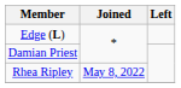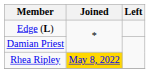 <table class="wikitable sortable" style="text-align:center;">
 <tr>
 <th>Member</th>
 <th>Joined</th>
 <th>Left</th>
 </tr>
 <tr>
 <td><a href='#'>Edge</a> (<strong>L</strong>)</td>
 <td rowspan="2"><a href='#'></a> *</td>
 <td></td>
 </tr>
 <tr>
 <td><a href='#'>Damian Priest</a></td>
 <td rowspan="2"><a href='#'></a></td>
 </tr>
 <tr>
 <td><a href='#'>Rhea Ripley</a></td>
-<td><a href='#'>May 8, 2022</a></td>
+<td style="background: gold;"><a href='#'>May 8, 2022</a></td>
 </tr>
 <tr>
 </tr>
 </table>
